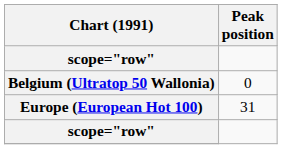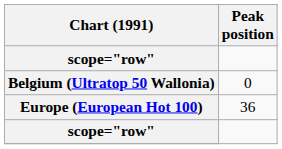 <table class="wikitable sortable plainrowheaders">
 <tr>
 <th>Chart (1991)</th>
 <th>Peak<br>position</th>
 </tr>
 <tr>
 <th>scope="row"</th>
 </tr>
 <tr>
 <th scope="row">Belgium (<a href='#'>Ultratop 50</a> Wallonia)</th>
 <td align="center">0</td>
 </tr>
 <tr>
 <th scope="row">Europe (<a href='#'>European Hot 100</a>)</th>
-<td align="center">31</td>
+<td align="center">36</td>
 </tr>
 <tr>
 <th>scope="row"</th>
 </tr>
 <tr>
 </tr>
 </table>
